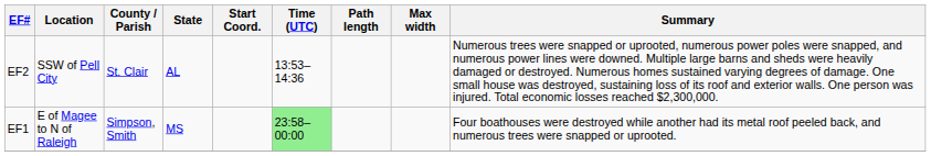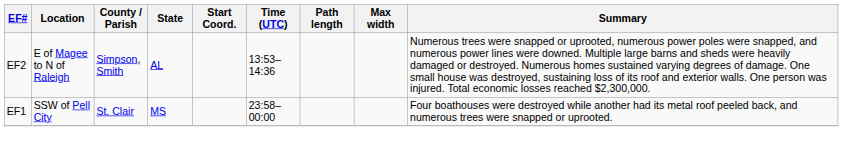 <table class="wikitable sortable" style="width:100%;">
 <tr>
 <th scope="col" style="width:3%; text-align:center;"><a href='#'>EF#</a></th>
 <th scope="col" style="width:7%; text-align:center;" class="unsortable">Location</th>
 <th scope="col" style="width:6%; text-align:center;" class="unsortable">County / Parish</th>
 <th scope="col" style="width:5%; text-align:center;">State</th>
 <th scope="col" style="width:6%; text-align:center;">Start Coord.</th>
 <th scope="col" style="width:6%; text-align:center;">Time (<a href='#'>UTC</a>)</th>
 <th scope="col" style="width:6%; text-align:center;">Path length</th>
 <th scope="col" style="width:6%; text-align:center;">Max width</th>
 <th scope="col" class="unsortable" style="width:48%; text-align:center;">Summary</th>
 </tr>
 <tr>
 <td>EF2</td>
-<td>SSW of <a href='#'>Pell City</a></td>
-<td><a href='#'>St. Clair</a></td>
+<td>E of <a href='#'>Magee</a> to N of <a href='#'>Raleigh</a></td>
+<td><a href='#'>Simpson</a>, <a href='#'>Smith</a></td>
 <td><a href='#'>AL</a></td>
 <td></td>
 <td>13:53–14:36</td>
 <td></td>
 <td></td>
 <td>Numerous trees were snapped or uprooted, numerous power poles were snapped, and numerous power lines were downed. Multiple large barns and sheds were heavily damaged or destroyed. Numerous homes sustained varying degrees of damage. One small house was destroyed, sustaining loss of its roof and exterior walls. One person was injured. Total economic losses reached $2,300,000.</td>
 </tr>
 <tr>
 <td>EF1</td>
-<td>E of <a href='#'>Magee</a> to N of <a href='#'>Raleigh</a></td>
-<td><a href='#'>Simpson</a>, <a href='#'>Smith</a></td>
+<td>SSW of <a href='#'>Pell City</a></td>
+<td><a href='#'>St. Clair</a></td>
 <td><a href='#'>MS</a></td>
 <td></td>
-<td style="background: lightgreen;">23:58–00:00</td>
+<td>23:58–00:00</td>
 <td></td>
 <td></td>
 <td>Four boathouses were destroyed while another had its metal roof peeled back, and numerous trees were snapped or uprooted.</td>
 </tr>
 <tr>
 </tr>
 </table>
